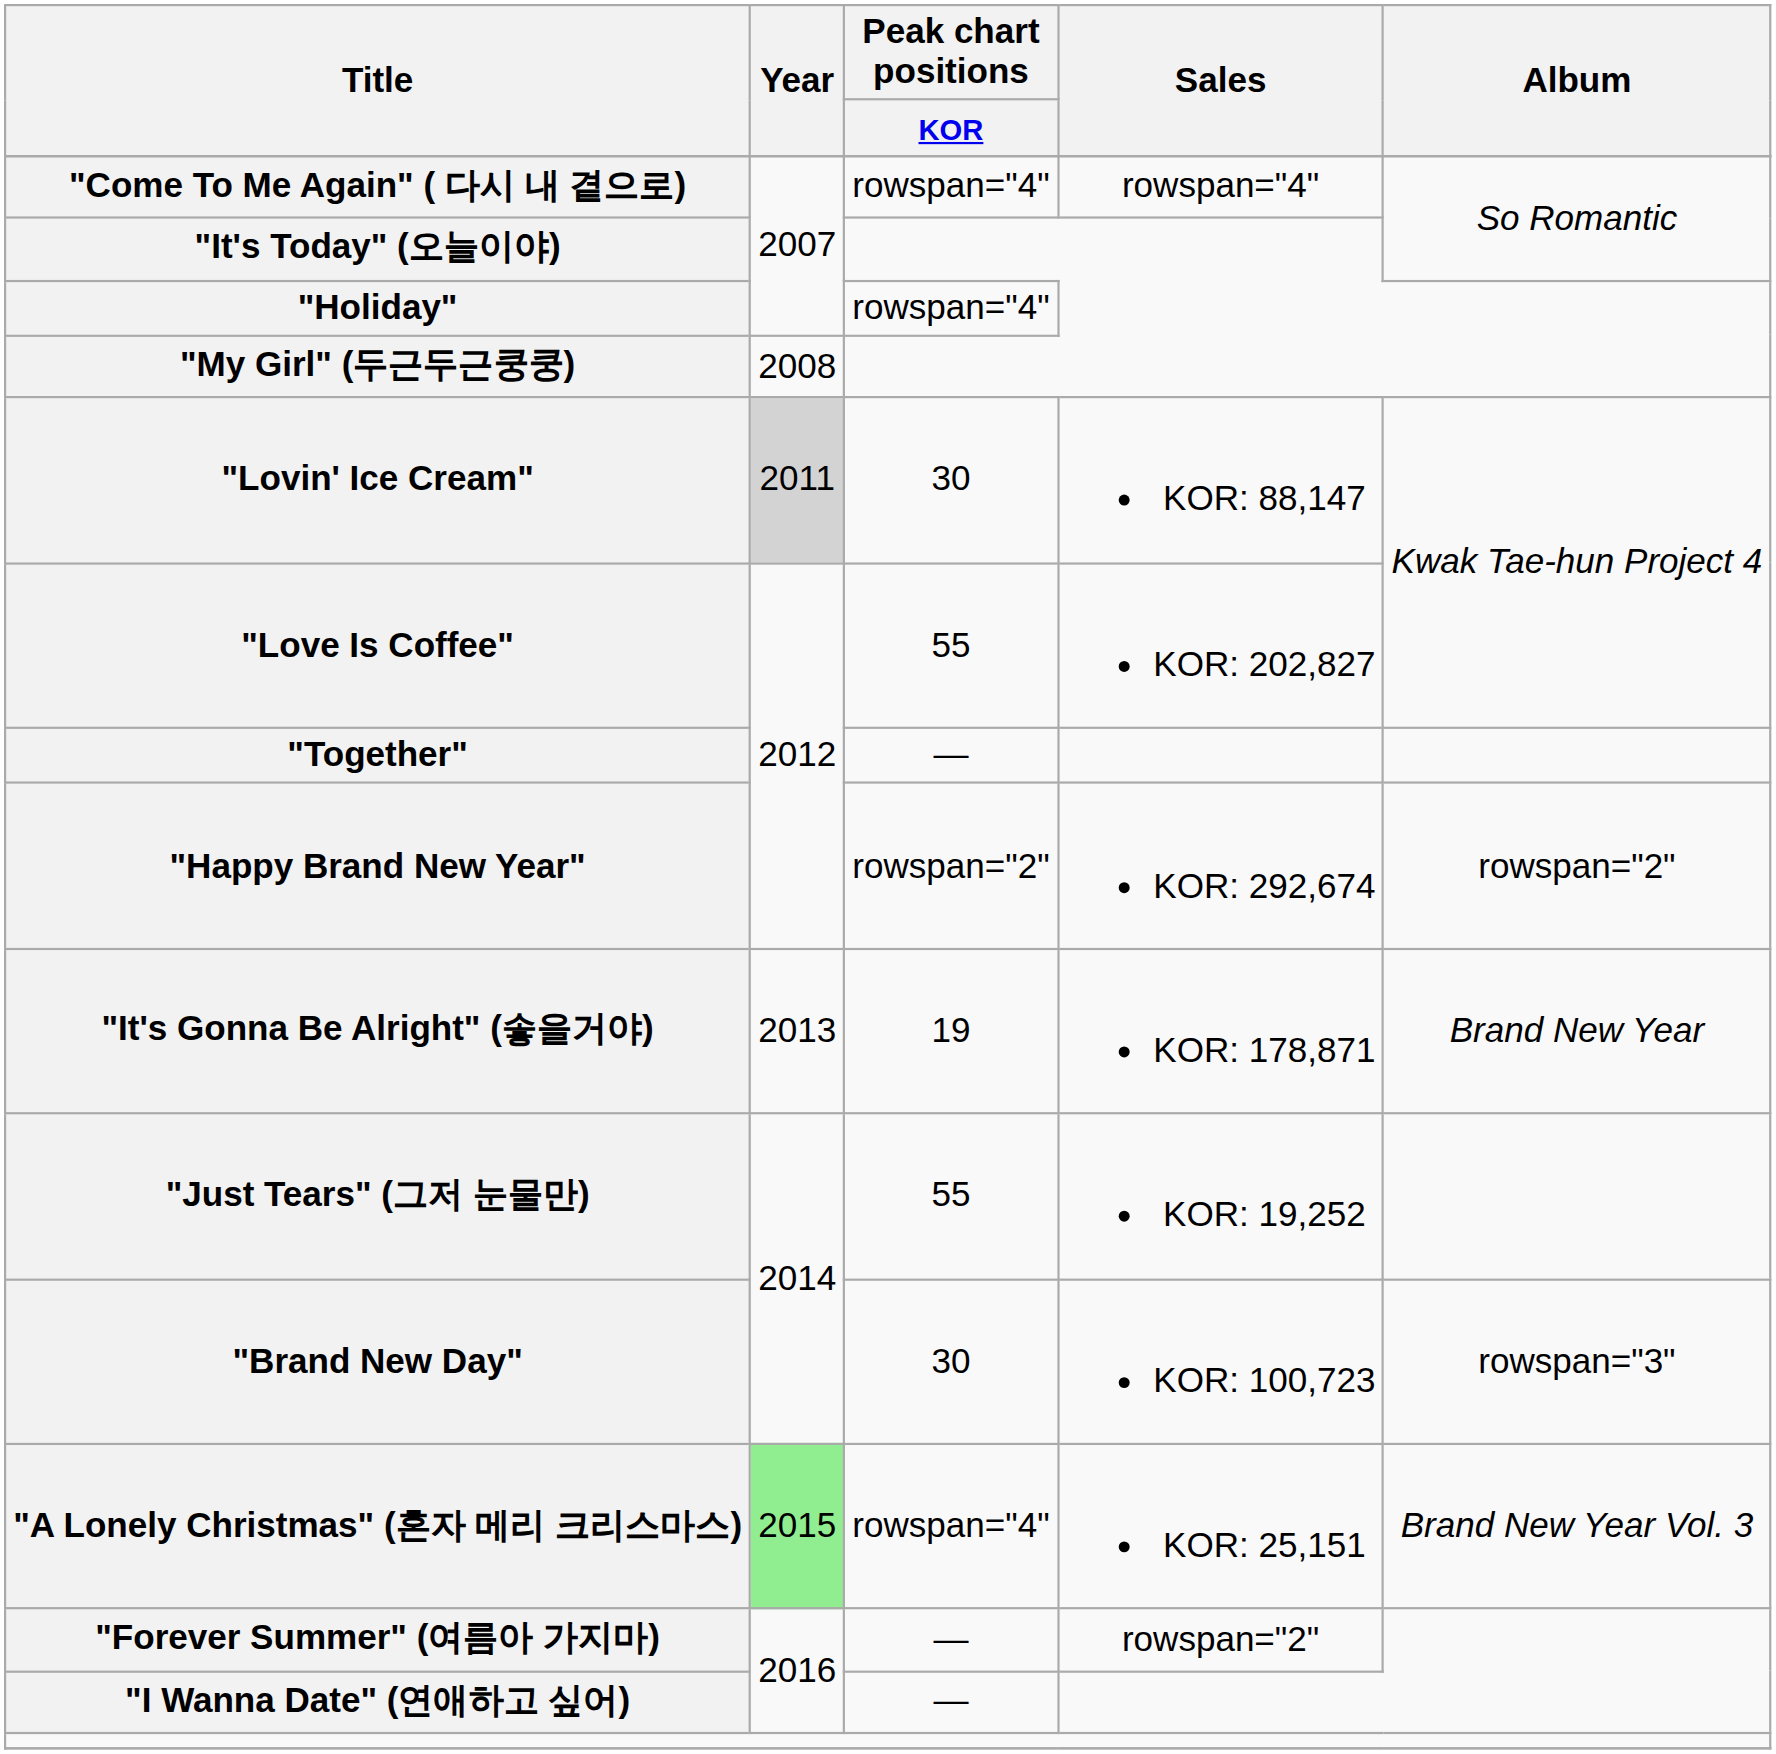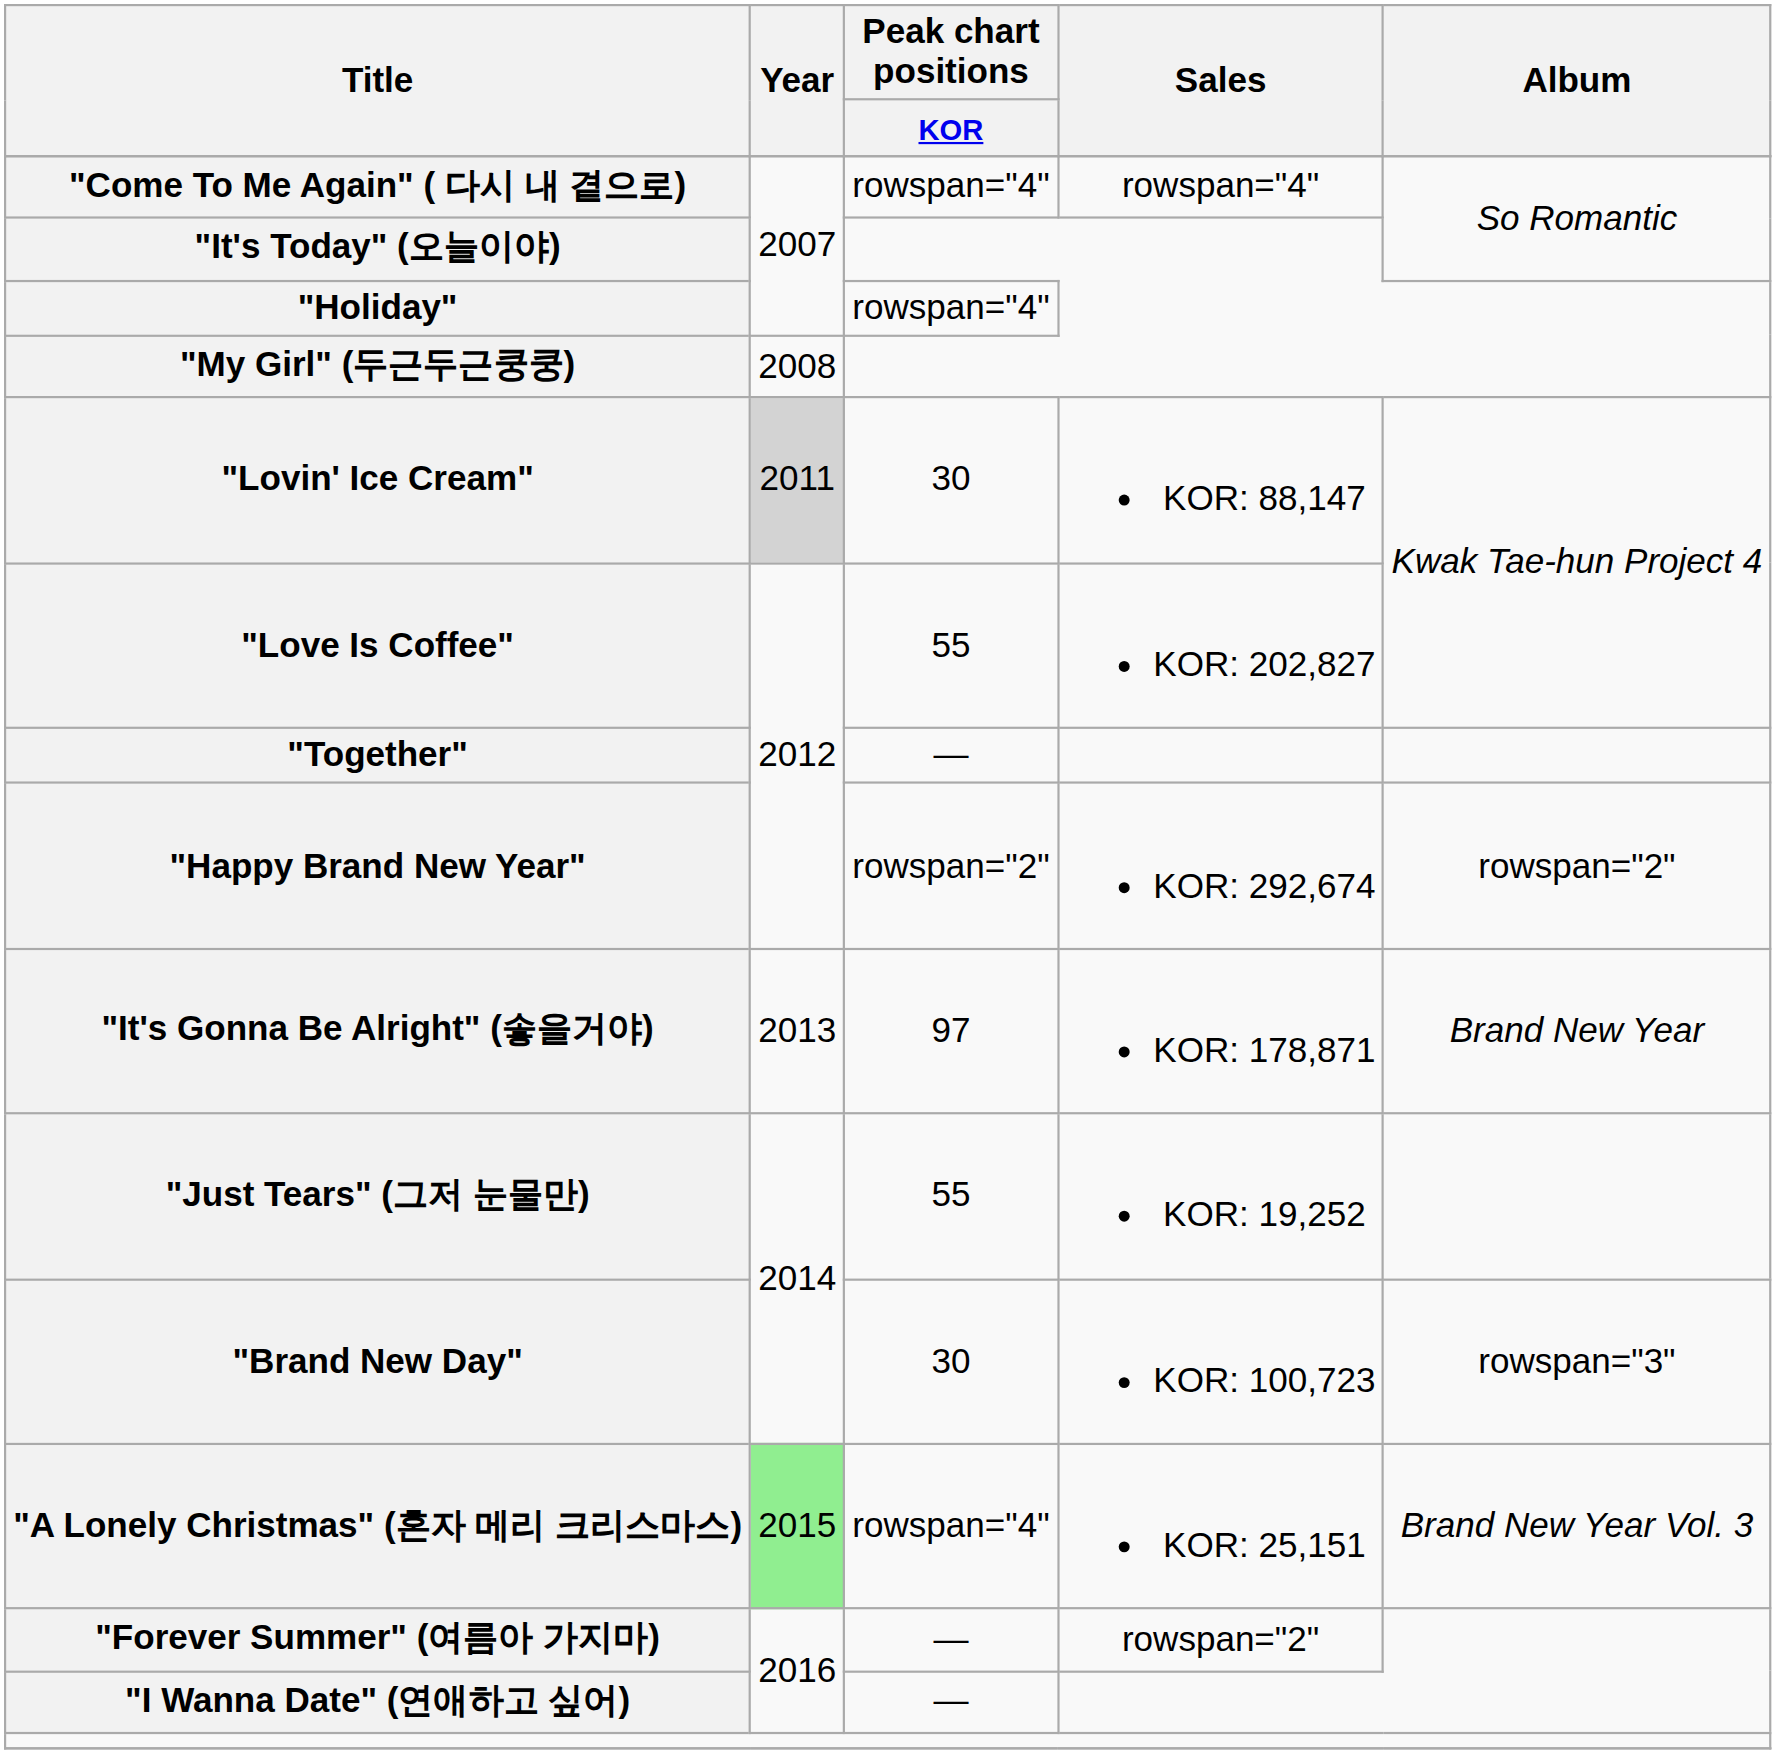 <table class="wikitable plainrowheaders" style="text-align:center;">
 <tr>
 <th scope="col" rowspan="2">Title</th>
 <th scope="col" rowspan="2">Year</th>
 <th scope="col" colspan="1" style="width:5em;">Peak chart positions</th>
 <th scope="col" rowspan="2">Sales</th>
 <th scope="col" rowspan="2">Album</th>
 </tr>
 <tr>
 <th><small><a href='#'>KOR</a></small><br></th>
 </tr>
 <tr>
 </tr>
 <tr>
 <th scope="row">"Come To Me Again" ( 다시 내 곁으로)<br></th>
 <td rowspan="3">2007</td>
 <td>rowspan="4" </td>
 <td>rowspan="4" </td>
 <td rowspan="2"><em>So Romantic</em></td>
 </tr>
 <tr>
 <th scope="row">"It's Today" (오늘이야)<br></th>
 </tr>
 <tr>
 <th scope="row">"Holiday"<br></th>
 <td>rowspan="4" </td>
 </tr>
 <tr>
 <th scope="row">"My Girl" (두근두근쿵쿵)<br></th>
 <td>2008</td>
 </tr>
 <tr>
 <th scope="row">"Lovin' Ice Cream"<br></th>
 <td style="background: lightgrey;">2011</td>
 <td>30</td>
 <td><br><ul><li>KOR: 88,147</li></ul></td>
 <td rowspan="2"><em>Kwak Tae-hun Project 4</em></td>
 </tr>
 <tr>
 <th scope="row">"Love Is Coffee"<br></th>
 <td rowspan="3">2012</td>
 <td>55</td>
 <td><br><ul><li>KOR: 202,827</li></ul></td>
 </tr>
 <tr>
 <th scope="row">"Together"<br></th>
 <td>—</td>
 <td></td>
 <td></td>
 </tr>
 <tr>
 <th scope="row">"Happy Brand New Year"<br></th>
 <td>rowspan="2" </td>
 <td><br><ul><li>KOR: 292,674</li></ul></td>
 <td>rowspan="2" </td>
 </tr>
 <tr>
 <th scope="row">"It's Gonna Be Alright" (솧을거야)<br></th>
 <td>2013</td>
-<td>19</td>
+<td>97</td>
 <td><br><ul><li>KOR: 178,871</li></ul></td>
 <td><em>Brand New Year</em></td>
 </tr>
 <tr>
 <th scope="row">"Just Tears" (그저 눈물만)<br></th>
 <td rowspan="2">2014</td>
 <td>55</td>
 <td><br><ul><li>KOR: 19,252</li></ul></td>
 </tr>
 <tr>
 <th scope="row">"Brand New Day"<br></th>
 <td>30</td>
 <td><br><ul><li>KOR: 100,723</li></ul></td>
 <td>rowspan="3" </td>
 </tr>
 <tr>
 <th scope="row">"A Lonely Christmas" (혼자 메리 크리스마스)<br></th>
 <td style="background: lightgreen;">2015</td>
 <td>rowspan="4" </td>
 <td><br><ul><li>KOR: 25,151</li></ul></td>
 <td><em>Brand New Year Vol. 3</em></td>
 </tr>
 <tr>
 <th scope="row">"Forever Summer" (여름아 가지마)<br></th>
 <td rowspan="2">2016</td>
 <td>—</td>
 <td>rowspan="2" </td>
 </tr>
 <tr>
 <th scope="row">"I Wanna Date" (연애하고 싶어)<br></th>
 <td>—</td>
 </tr>
 <tr>
 <td colspan="5"></td>
 </tr>
 <tr>
 </tr>
 </table>
